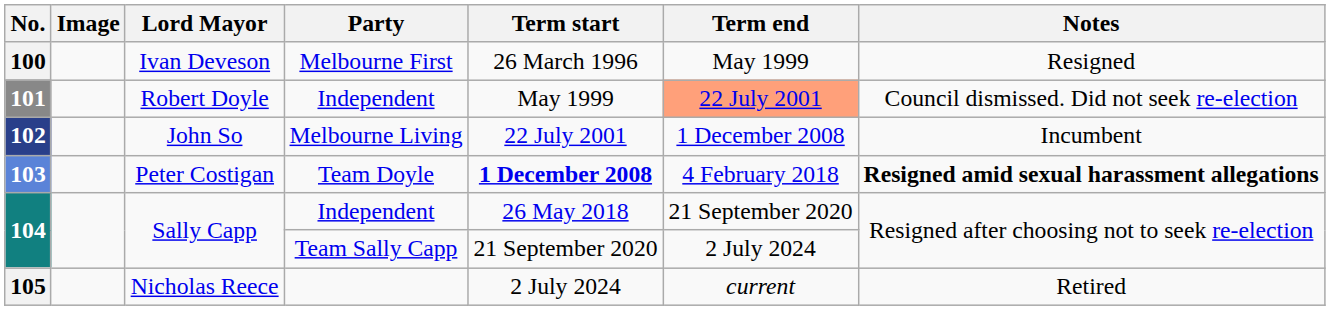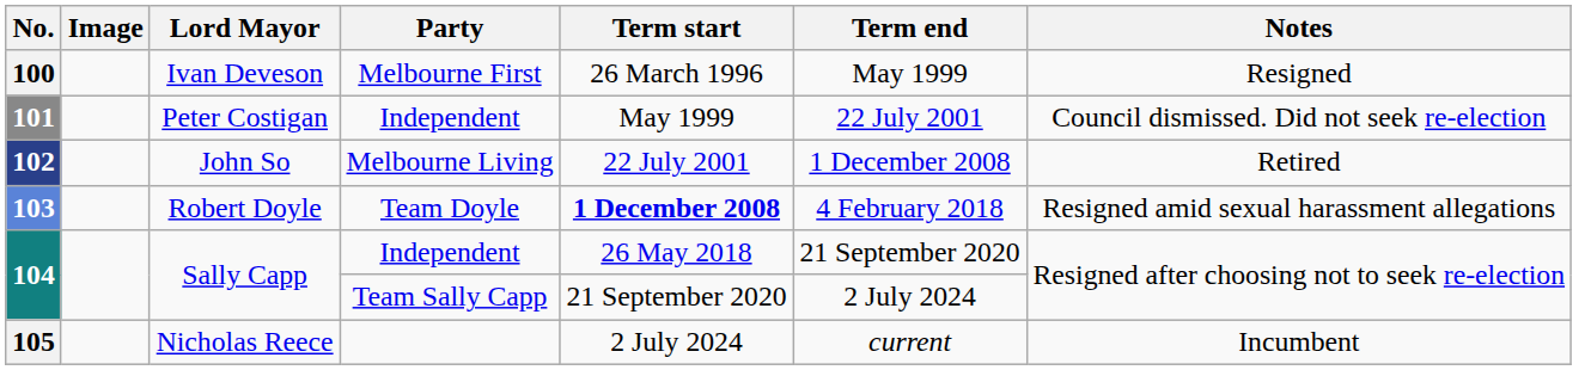 <table class="wikitable">
 <tr>
 <th>No.</th>
 <th>Image</th>
 <th>Lord Mayor</th>
 <th>Party</th>
 <th>Term start</th>
 <th>Term end</th>
 <th>Notes</th>
 </tr>
 <tr>
 <th style="background:">100</th>
 <td align="center"></td>
 <td align="center"><a href='#'>Ivan Deveson</a> <br> </td>
 <td align="center"><a href='#'>Melbourne First</a></td>
 <td align="center">26 March 1996</td>
 <td align="center">May 1999</td>
 <td align="center">Resigned</td>
 </tr>
 <tr>
 <th style="background:#888888; color:white">101</th>
 <td align="center"></td>
-<td align="center"><a href='#'>Robert Doyle</a> <br> </td>
+<td align="center"><a href='#'>Peter Costigan</a> <br> </td>
 <td align="center"><a href='#'>Independent</a></td>
 <td align="center">May 1999</td>
-<td align="center" style="background: lightsalmon;"><a href='#'>22 July 2001</a></td>
+<td align="center"><a href='#'>22 July 2001</a></td>
 <td align="center">Council dismissed. Did not seek <a href='#'>re-election</a></td>
 </tr>
 <tr>
 <th style="background:#293F8A; color:white">102</th>
 <td align="center"></td>
 <td align="center"><a href='#'>John So</a> <br> </td>
 <td align="center"><a href='#'>Melbourne Living</a></td>
 <td align="center"><a href='#'>22 July 2001</a></td>
 <td align="center"><a href='#'>1 December 2008</a></td>
-<td align="center">Incumbent</td>
+<td align="center">Retired</td>
 </tr>
 <tr>
 <th style="background:#5A83D8; color:white">103</th>
 <td align="center"></td>
-<td align="center"><a href='#'>Peter Costigan</a> <br> </td>
+<td align="center"><a href='#'>Robert Doyle</a> <br> </td>
 <td align="center"><a href='#'>Team Doyle</a></td>
 <td align="center"><strong><a href='#'>1 December 2008</a></strong></td>
 <td align="center"><a href='#'>4 February 2018</a></td>
-<td align="center"><strong>Resigned amid sexual harassment allegations</strong></td>
+<td align="center">Resigned amid sexual harassment allegations</td>
 </tr>
 <tr>
 <th rowspan="2"; style="background:#118080; color:white">104</th>
 <td rowspan="2"; align="center"></td>
 <td rowspan="2"; align="center"><a href='#'>Sally Capp</a></td>
 <td align="center"><a href='#'>Independent</a></td>
 <td align="center"><a href='#'>26 May 2018</a></td>
 <td align="center">21 September 2020</td>
 <td rowspan="2"; align="center">Resigned after choosing not to seek <a href='#'>re-election</a></td>
 </tr>
 <tr>
 <td align="center"><a href='#'>Team Sally Capp</a></td>
 <td align="center">21 September 2020</td>
 <td align="center">2 July 2024</td>
 </tr>
 <tr>
 <th style="background:">105</th>
 <td align="center"></td>
 <td align="center"><a href='#'>Nicholas Reece</a> <br> </td>
 <td align="center"></td>
 <td align="center">2 July 2024</td>
 <td align="center"><em>current</em></td>
-<td align="center">Retired</td>
+<td align="center">Incumbent</td>
 </tr>
 </table>
